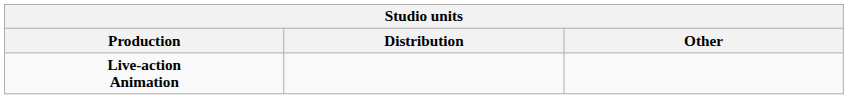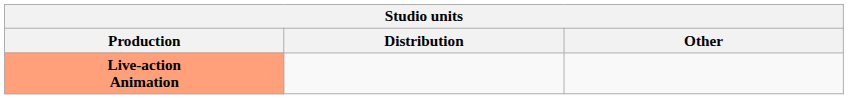 <table class="wikitable" style="text-align:center; width:100%;">
 <tr>
 <th colspan="5" style="text-align:center;">Studio units</th>
 </tr>
 <tr>
 <th style="text-align:center; width:20%;">Production</th>
 <th style="text-align:center; width:20%;">Distribution</th>
 <th style="text-align:center; width:20%;">Other</th>
 </tr>
 <tr>
-<td><strong>Live-action</strong><br><strong>Animation</strong> </td>
+<td style="background: lightsalmon;"><strong>Live-action</strong><br><strong>Animation</strong> </td>
 <td><br> </td>
 <td><br></td>
 </tr>
 </table>
